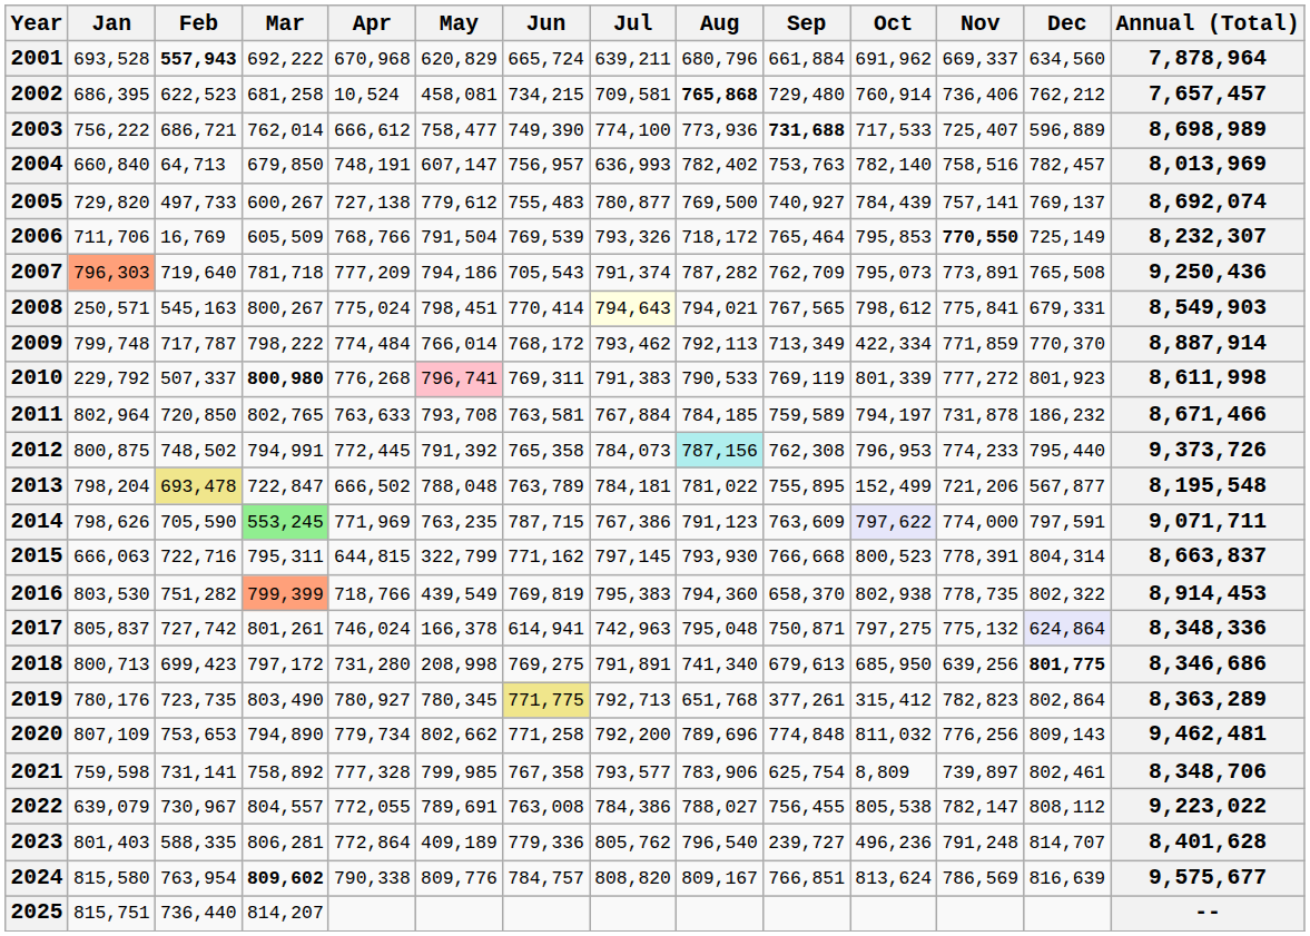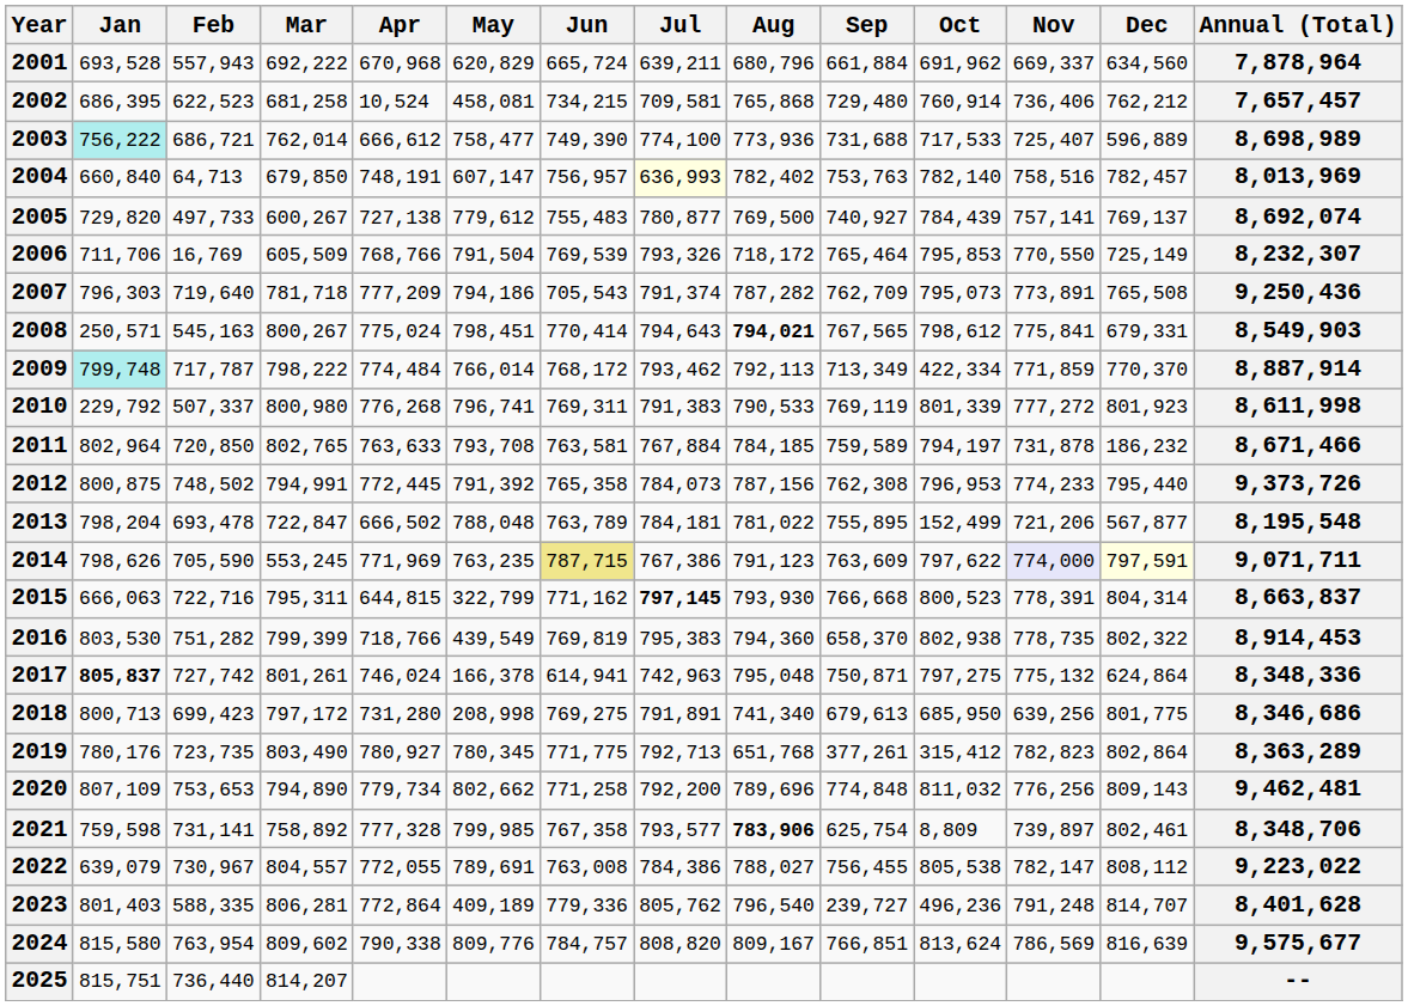 <table class="wikitable">
 <tr>
 <th>Year</th>
 <th>Jan</th>
 <th>Feb</th>
 <th>Mar</th>
 <th>Apr</th>
 <th>May</th>
 <th>Jun</th>
 <th>Jul</th>
 <th>Aug</th>
 <th>Sep</th>
 <th>Oct</th>
 <th>Nov</th>
 <th>Dec</th>
 <th>Annual (Total)</th>
 </tr>
 <tr>
 <th>2001</th>
 <td><small>693,528</small></td>
-<td><strong><small>557,943</small></strong></td>
+<td><small>557,943</small></td>
 <td><small>692,222</small></td>
 <td><small>670,968</small></td>
 <td><small>620,829</small></td>
 <td><small>665,724</small></td>
 <td><small>639,211</small></td>
 <td><small>680,796</small></td>
 <td><small>661,884</small></td>
 <td><small>691,962</small></td>
 <td><small>669,337</small></td>
 <td><small>634,560</small></td>
 <th>7,878,964</th>
 </tr>
 <tr>
 <th>2002</th>
 <td><small>686,395</small></td>
 <td><small>622,523</small></td>
 <td><small>681,258</small></td>
 <td><small>10,524</small></td>
 <td><small>458,081</small></td>
 <td><small>734,215</small></td>
 <td><small>709,581</small></td>
-<td><strong><small>765,868</small></strong></td>
+<td><small>765,868</small></td>
 <td><small>729,480</small></td>
 <td><small>760,914</small></td>
 <td><small>736,406</small></td>
 <td><small>762,212</small></td>
 <th>7,657,457</th>
 </tr>
 <tr>
 <th>2003</th>
-<td><small>756,222</small></td>
+<td style="background: paleturquoise;"><small>756,222</small></td>
 <td><small>686,721</small></td>
 <td><small>762,014</small></td>
 <td><small>666,612</small></td>
 <td><small>758,477</small></td>
 <td><small>749,390</small></td>
 <td><small>774,100</small></td>
 <td><small>773,936</small></td>
-<td><strong><small>731,688</small></strong></td>
+<td><small>731,688</small></td>
 <td><small>717,533</small></td>
 <td><small>725,407</small></td>
 <td><small>596,889</small></td>
 <th>8,698,989</th>
 </tr>
 <tr>
 <th>2004</th>
 <td><small>660,840</small></td>
 <td><small>64,713</small></td>
 <td><small>679,850</small></td>
 <td><small>748,191</small></td>
 <td><small>607,147</small></td>
 <td><small>756,957</small></td>
-<td><small>636,993</small></td>
+<td style="background: lightyellow;"><small>636,993</small></td>
 <td><small>782,402</small></td>
 <td><small>753,763</small></td>
 <td><small>782,140</small></td>
 <td><small>758,516</small></td>
 <td><small>782,457</small></td>
 <th>8,013,969</th>
 </tr>
 <tr>
 <th>2005</th>
 <td><small>729,820</small></td>
 <td><small>497,733</small></td>
 <td><small>600,267</small></td>
 <td><small>727,138</small></td>
 <td><small>779,612</small></td>
 <td><small>755,483</small></td>
 <td><small>780,877</small></td>
 <td><small>769,500</small></td>
 <td><small>740,927</small></td>
 <td><small>784,439</small></td>
 <td><small>757,141</small></td>
 <td><small>769,137</small></td>
 <th>8,692,074</th>
 </tr>
 <tr>
 <th>2006</th>
 <td><small>711,706</small></td>
 <td><small>16,769</small></td>
 <td><small>605,509</small></td>
 <td><small>768,766</small></td>
 <td><small>791,504</small></td>
 <td><small>769,539</small></td>
 <td><small>793,326</small></td>
 <td><small>718,172</small></td>
 <td><small>765,464</small></td>
 <td><small>795,853</small></td>
-<td><strong><small>770,550</small></strong></td>
+<td><small>770,550</small></td>
 <td><small>725,149</small></td>
 <th>8,232,307</th>
 </tr>
 <tr>
 <th>2007</th>
-<td style="background: lightsalmon;"><small>796,303</small></td>
+<td><small>796,303</small></td>
 <td><small>719,640</small></td>
 <td><small>781,718</small></td>
 <td><small>777,209</small></td>
 <td><small>794,186</small></td>
 <td><small>705,543</small></td>
 <td><small>791,374</small></td>
 <td><small>787,282</small></td>
 <td><small>762,709</small></td>
 <td><small>795,073</small></td>
 <td><small>773,891</small></td>
 <td><small>765,508</small></td>
 <th>9,250,436</th>
 </tr>
 <tr>
 <th>2008</th>
 <td><small>250,571</small></td>
 <td><small>545,163</small></td>
 <td><small>800,267</small></td>
 <td><small>775,024</small></td>
 <td><small>798,451</small></td>
 <td><small>770,414</small></td>
-<td style="background: lightyellow;"><small>794,643</small></td>
-<td><small>794,021</small></td>
+<td><small>794,643</small></td>
+<td><strong><small>794,021</small></strong></td>
 <td><small>767,565</small></td>
 <td><small>798,612</small></td>
 <td><small>775,841</small></td>
 <td><small>679,331</small></td>
 <th>8,549,903</th>
 </tr>
 <tr>
 <th>2009</th>
-<td><small>799,748</small></td>
+<td style="background: paleturquoise;"><small>799,748</small></td>
 <td><small>717,787</small></td>
 <td><small>798,222</small></td>
 <td><small>774,484</small></td>
 <td><small>766,014</small></td>
 <td><small>768,172</small></td>
 <td><small>793,462</small></td>
 <td><small>792,113</small></td>
 <td><small>713,349</small></td>
 <td><small>422,334</small></td>
 <td><small>771,859</small></td>
 <td><small>770,370</small></td>
 <th>8,887,914</th>
 </tr>
 <tr>
 <th>2010</th>
 <td><small>229,792</small></td>
 <td><small>507,337</small></td>
-<td><strong><small>800,980</small></strong></td>
+<td><small>800,980</small></td>
 <td><small>776,268</small></td>
-<td style="background: pink;"><small>796,741</small></td>
+<td><small>796,741</small></td>
 <td><small>769,311</small></td>
 <td><small>791,383</small></td>
 <td><small>790,533</small></td>
 <td><small>769,119</small></td>
 <td><small>801,339</small></td>
 <td><small>777,272</small></td>
 <td><small>801,923</small></td>
 <th>8,611,998</th>
 </tr>
 <tr>
 <th>2011</th>
 <td><small>802,964</small></td>
 <td><small>720,850</small></td>
 <td><small>802,765</small></td>
 <td><small>763,633</small></td>
 <td><small>793,708</small></td>
 <td><small>763,581</small></td>
 <td><small>767,884</small></td>
 <td><small>784,185</small></td>
 <td><small>759,589</small></td>
 <td><small>794,197</small></td>
 <td><small>731,878</small></td>
 <td><small>186,232</small></td>
 <th>8,671,466</th>
 </tr>
 <tr>
 <th>2012</th>
 <td><small>800,875</small></td>
 <td><small>748,502</small></td>
 <td><small>794,991</small></td>
 <td><small>772,445</small></td>
 <td><small>791,392</small></td>
 <td><small>765,358</small></td>
 <td><small>784,073</small></td>
-<td style="background: paleturquoise;"><small>787,156</small></td>
+<td><small>787,156</small></td>
 <td><small>762,308</small></td>
 <td><small>796,953</small></td>
 <td><small>774,233</small></td>
 <td><small>795,440</small></td>
 <th>9,373,726</th>
 </tr>
 <tr>
 <th>2013</th>
 <td><small>798,204</small></td>
-<td style="background: khaki;"><small>693,478</small></td>
+<td><small>693,478</small></td>
 <td><small>722,847</small></td>
 <td><small>666,502</small></td>
 <td><small>788,048</small></td>
 <td><small>763,789</small></td>
 <td><small>784,181</small></td>
 <td><small>781,022</small></td>
 <td><small>755,895</small></td>
 <td><small>152,499</small></td>
 <td><small>721,206</small></td>
 <td><small>567,877</small></td>
 <th>8,195,548</th>
 </tr>
 <tr>
 <th>2014</th>
 <td><small>798,626</small></td>
 <td><small>705,590</small></td>
-<td style="background: lightgreen;"><small>553,245</small></td>
+<td><small>553,245</small></td>
 <td><small>771,969</small></td>
 <td><small>763,235</small></td>
-<td><small>787,715</small></td>
+<td style="background: khaki;"><small>787,715</small></td>
 <td><small>767,386</small></td>
 <td><small>791,123</small></td>
 <td><small>763,609</small></td>
-<td style="background: lavender;"><small>797,622</small></td>
-<td><small>774,000</small></td>
-<td><small>797,591</small></td>
+<td><small>797,622</small></td>
+<td style="background: lavender;"><small>774,000</small></td>
+<td style="background: lightyellow;"><small>797,591</small></td>
 <th>9,071,711</th>
 </tr>
 <tr>
 <th>2015</th>
 <td><small>666,063</small></td>
 <td><small>722,716</small></td>
 <td><small>795,311</small></td>
 <td><small>644,815</small></td>
 <td><small>322,799</small></td>
 <td><small>771,162</small></td>
-<td><small>797,145</small></td>
+<td><strong><small>797,145</small></strong></td>
 <td><small>793,930</small></td>
 <td><small>766,668</small></td>
 <td><small>800,523</small></td>
 <td><small>778,391</small></td>
 <td><small>804,314</small></td>
 <th>8,663,837</th>
 </tr>
 <tr>
 <th>2016</th>
 <td><small>803,530</small></td>
 <td><small>751,282</small></td>
-<td style="background: lightsalmon;"><small>799,399</small></td>
+<td><small>799,399</small></td>
 <td><small>718,766</small></td>
 <td><small>439,549</small></td>
 <td><small>769,819</small></td>
 <td><small>795,383</small></td>
 <td><small>794,360</small></td>
 <td><small>658,370</small></td>
 <td><small>802,938</small></td>
 <td><small>778,735</small></td>
 <td><small>802,322</small></td>
 <th>8,914,453</th>
 </tr>
 <tr>
 <th>2017</th>
-<td><small>805,837</small></td>
+<td><strong><small>805,837</small></strong></td>
 <td><small>727,742</small></td>
 <td><small>801,261</small></td>
 <td><small>746,024</small></td>
 <td><small>166,378</small></td>
 <td><small>614,941</small></td>
 <td><small>742,963</small></td>
 <td><small>795,048</small></td>
 <td><small>750,871</small></td>
 <td><small>797,275</small></td>
 <td><small>775,132</small></td>
-<td style="background: lavender;"><small>624,864</small></td>
+<td><small>624,864</small></td>
 <th>8,348,336</th>
 </tr>
 <tr>
 <th>2018</th>
 <td><small>800,713</small></td>
 <td><small>699,423</small></td>
 <td><small>797,172</small></td>
 <td><small>731,280</small></td>
 <td><small>208,998</small></td>
 <td><small>769,275</small></td>
 <td><small>791,891</small></td>
 <td><small>741,340</small></td>
 <td><small>679,613</small></td>
 <td><small>685,950</small></td>
 <td><small>639,256</small></td>
-<td><strong><small>801,775</small></strong></td>
+<td><small>801,775</small></td>
 <th>8,346,686</th>
 </tr>
 <tr>
 <th>2019</th>
 <td><small>780,176</small></td>
 <td><small>723,735</small></td>
 <td><small>803,490</small></td>
 <td><small>780,927</small></td>
 <td><small>780,345</small></td>
-<td style="background: khaki;"><small>771,775</small></td>
+<td><small>771,775</small></td>
 <td><small>792,713</small></td>
 <td><small>651,768</small></td>
 <td><small>377,261</small></td>
 <td><small>315,412</small></td>
 <td><small>782,823</small></td>
 <td><small>802,864</small></td>
 <th>8,363,289</th>
 </tr>
 <tr>
 <th>2020</th>
 <td><small>807,109</small></td>
 <td><small>753,653</small></td>
 <td><small>794,890</small></td>
 <td><small>779,734</small></td>
 <td><small>802,662</small></td>
 <td><small>771,258</small></td>
 <td><small>792,200</small></td>
 <td><small>789,696</small></td>
 <td><small>774,848</small></td>
 <td><small>811,032</small></td>
 <td><small>776,256</small></td>
 <td><small>809,143</small></td>
 <th>9,462,481</th>
 </tr>
 <tr>
 <th>2021</th>
 <td><small>759,598</small></td>
 <td><small>731,141</small></td>
 <td><small>758,892</small></td>
 <td><small>777,328</small></td>
 <td><small>799,985</small></td>
 <td><small>767,358</small></td>
 <td><small>793,577</small></td>
-<td><small>783,906</small></td>
+<td><strong><small>783,906</small></strong></td>
 <td><small>625,754</small></td>
 <td><small>8,809</small></td>
 <td><small>739,897</small></td>
 <td><small>802,461</small></td>
 <th>8,348,706</th>
 </tr>
 <tr>
 <th>2022</th>
 <td><small>639,079</small></td>
 <td><small>730,967</small></td>
 <td><small>804,557</small></td>
 <td><small>772,055</small></td>
 <td><small>789,691</small></td>
 <td><small>763,008</small></td>
 <td><small>784,386</small></td>
 <td><small>788,027</small></td>
 <td><small>756,455</small></td>
 <td><small>805,538</small></td>
 <td><small>782,147</small></td>
 <td><small>808,112</small></td>
 <th>9,223,022</th>
 </tr>
 <tr>
 <th>2023</th>
 <td><small>801,403</small></td>
 <td><small>588,335</small></td>
 <td><small>806,281</small></td>
 <td><small>772,864</small></td>
 <td><small>409,189</small></td>
 <td><small>779,336</small></td>
 <td><small>805,762</small></td>
 <td><small>796,540</small></td>
 <td><small>239,727</small></td>
 <td><small>496,236</small></td>
 <td><small>791,248</small></td>
 <td><small>814,707</small></td>
 <th>8,401,628</th>
 </tr>
 <tr>
 <th>2024</th>
 <td><small>815,580</small></td>
 <td><small>763,954</small></td>
-<td><strong><small>809,602</small></strong></td>
+<td><small>809,602</small></td>
 <td><small>790,338</small></td>
 <td><small>809,776</small></td>
 <td><small>784,757</small></td>
 <td><small>808,820</small></td>
 <td><small>809,167</small></td>
 <td><small>766,851</small></td>
 <td><small>813,624</small></td>
 <td><small>786,569</small></td>
 <td><small>816,639</small></td>
 <th>9,575,677</th>
 </tr>
 <tr>
 <th>2025</th>
 <td><small>815,751</small></td>
 <td><small>736,440</small></td>
 <td><small>814,207</small></td>
 <td><small></small></td>
 <td><small></small></td>
 <td><small></small></td>
 <td><small></small></td>
 <td><small></small></td>
 <td><small></small></td>
 <td><small></small></td>
 <td><small></small></td>
 <td><small></small></td>
 <th>--</th>
 </tr>
 <tr>
 </tr>
 </table>
